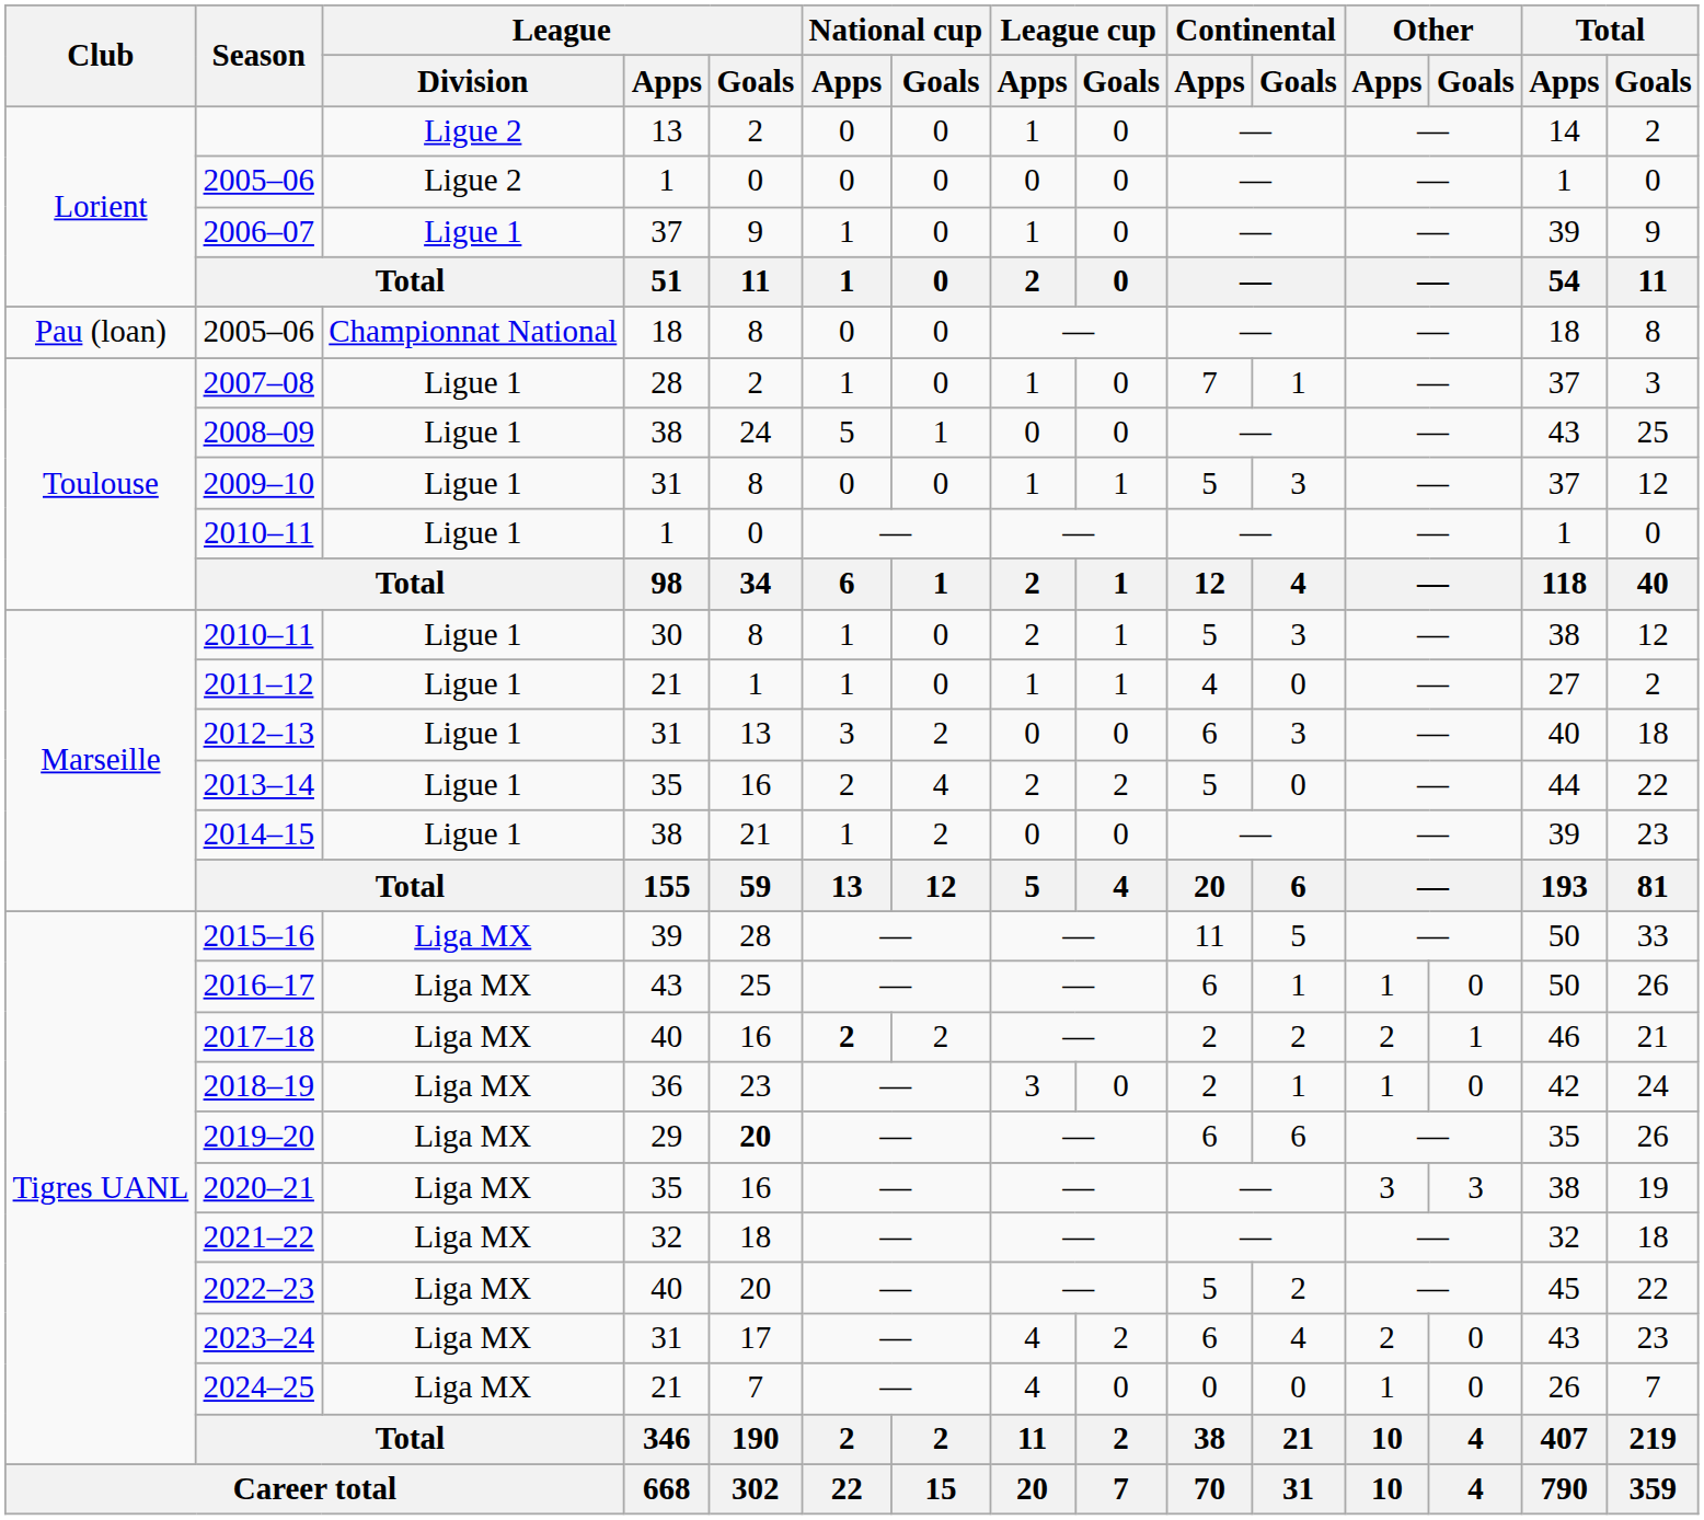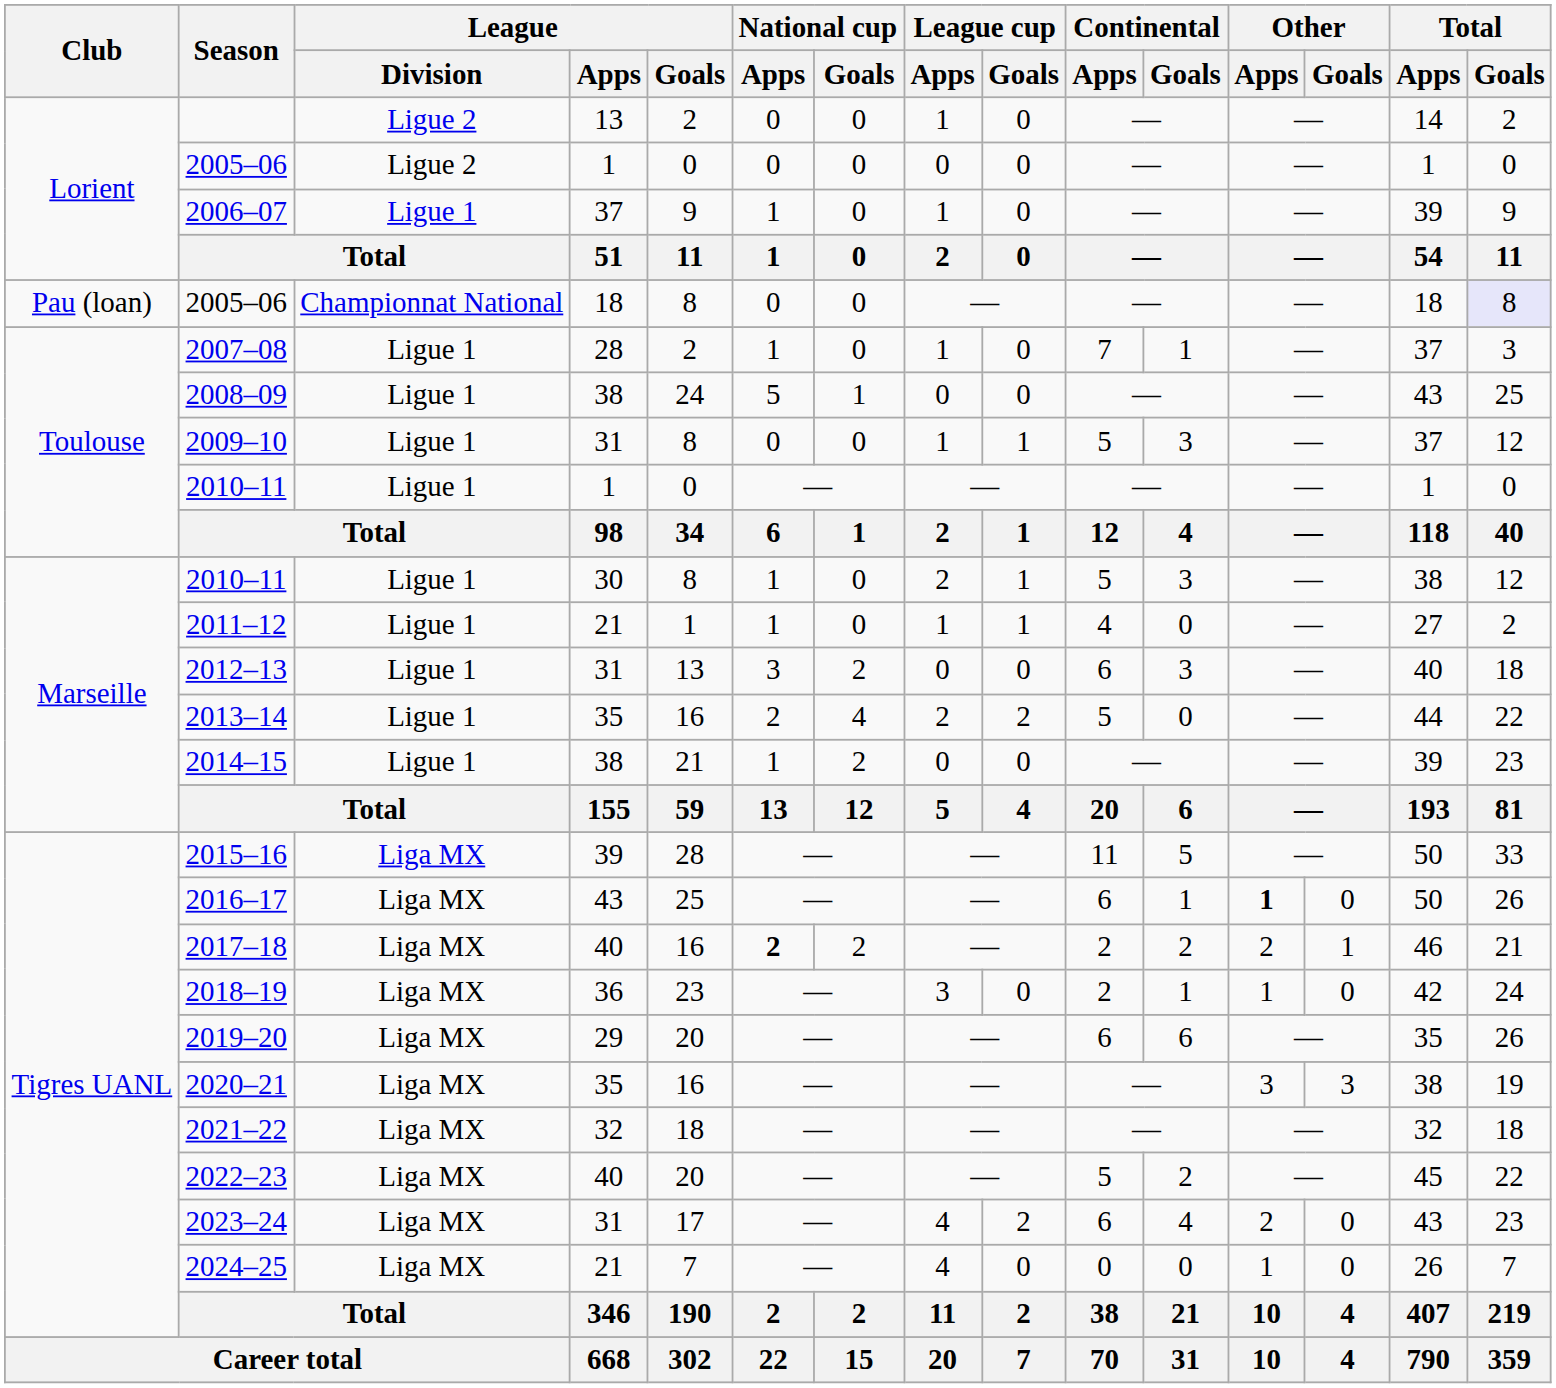 <table class="wikitable" style="text-align:center">
 <tr>
 <th rowspan="2">Club</th>
 <th rowspan="2">Season</th>
 <th colspan="3">League</th>
 <th colspan="2">National cup</th>
 <th colspan="2">League cup</th>
 <th colspan="2">Continental</th>
 <th colspan="2">Other</th>
 <th colspan="2">Total</th>
 </tr>
 <tr>
 <th>Division</th>
 <th>Apps</th>
 <th>Goals</th>
 <th>Apps</th>
 <th>Goals</th>
 <th>Apps</th>
 <th>Goals</th>
 <th>Apps</th>
 <th>Goals</th>
 <th>Apps</th>
 <th>Goals</th>
 <th>Apps</th>
 <th>Goals</th>
 </tr>
 <tr>
 <td rowspan="4"><a href='#'>Lorient</a></td>
 <td></td>
 <td><a href='#'>Ligue 2</a></td>
 <td>13</td>
 <td>2</td>
 <td>0</td>
 <td>0</td>
 <td>1</td>
 <td>0</td>
 <td colspan="2">—</td>
 <td colspan="2">—</td>
 <td>14</td>
 <td>2</td>
 </tr>
 <tr>
 <td><a href='#'>2005–06</a></td>
 <td>Ligue 2</td>
 <td>1</td>
 <td>0</td>
 <td>0</td>
 <td>0</td>
 <td>0</td>
 <td>0</td>
 <td colspan="2">—</td>
 <td colspan="2">—</td>
 <td>1</td>
 <td>0</td>
 </tr>
 <tr>
 <td><a href='#'>2006–07</a></td>
 <td><a href='#'>Ligue 1</a></td>
 <td>37</td>
 <td>9</td>
 <td>1</td>
 <td>0</td>
 <td>1</td>
 <td>0</td>
 <td colspan="2">—</td>
 <td colspan="2">—</td>
 <td>39</td>
 <td>9</td>
 </tr>
 <tr>
 <th colspan="2">Total</th>
 <th>51</th>
 <th>11</th>
 <th>1</th>
 <th>0</th>
 <th>2</th>
 <th>0</th>
 <th colspan="2">—</th>
 <th colspan="2">—</th>
 <th>54</th>
 <th>11</th>
 </tr>
 <tr>
 <td><a href='#'>Pau</a> (loan)</td>
 <td>2005–06</td>
 <td><a href='#'>Championnat National</a></td>
 <td>18</td>
 <td>8</td>
 <td>0</td>
 <td>0</td>
 <td colspan="2">—</td>
 <td colspan="2">—</td>
 <td colspan="2">—</td>
 <td>18</td>
-<td>8</td>
+<td style="background: lavender;">8</td>
 </tr>
 <tr>
 <td rowspan="5"><a href='#'>Toulouse</a></td>
 <td><a href='#'>2007–08</a></td>
 <td>Ligue 1</td>
 <td>28</td>
 <td>2</td>
 <td>1</td>
 <td>0</td>
 <td>1</td>
 <td>0</td>
 <td>7</td>
 <td>1</td>
 <td colspan="2">—</td>
 <td>37</td>
 <td>3</td>
 </tr>
 <tr>
 <td><a href='#'>2008–09</a></td>
 <td>Ligue 1</td>
 <td>38</td>
 <td>24</td>
 <td>5</td>
 <td>1</td>
 <td>0</td>
 <td>0</td>
 <td colspan="2">—</td>
 <td colspan="2">—</td>
 <td>43</td>
 <td>25</td>
 </tr>
 <tr>
 <td><a href='#'>2009–10</a></td>
 <td>Ligue 1</td>
 <td>31</td>
 <td>8</td>
 <td>0</td>
 <td>0</td>
 <td>1</td>
 <td>1</td>
 <td>5</td>
 <td>3</td>
 <td colspan="2">—</td>
 <td>37</td>
 <td>12</td>
 </tr>
 <tr>
 <td><a href='#'>2010–11</a></td>
 <td>Ligue 1</td>
 <td>1</td>
 <td>0</td>
 <td colspan="2">—</td>
 <td colspan="2">—</td>
 <td colspan="2">—</td>
 <td colspan="2">—</td>
 <td>1</td>
 <td>0</td>
 </tr>
 <tr>
 <th colspan="2">Total</th>
 <th>98</th>
 <th>34</th>
 <th>6</th>
 <th>1</th>
 <th>2</th>
 <th>1</th>
 <th>12</th>
 <th>4</th>
 <th colspan="2">—</th>
 <th>118</th>
 <th>40</th>
 </tr>
 <tr>
 <td rowspan="6" valign="center"><a href='#'>Marseille</a></td>
 <td><a href='#'>2010–11</a></td>
 <td>Ligue 1</td>
 <td>30</td>
 <td>8</td>
 <td>1</td>
 <td>0</td>
 <td>2</td>
 <td>1</td>
 <td>5</td>
 <td>3</td>
 <td colspan="2">—</td>
 <td>38</td>
 <td>12</td>
 </tr>
 <tr>
 <td><a href='#'>2011–12</a></td>
 <td>Ligue 1</td>
 <td>21</td>
 <td>1</td>
 <td>1</td>
 <td>0</td>
 <td>1</td>
 <td>1</td>
 <td>4</td>
 <td>0</td>
 <td colspan="2">—</td>
 <td>27</td>
 <td>2</td>
 </tr>
 <tr>
 <td><a href='#'>2012–13</a></td>
 <td>Ligue 1</td>
 <td>31</td>
 <td>13</td>
 <td>3</td>
 <td>2</td>
 <td>0</td>
 <td>0</td>
 <td>6</td>
 <td>3</td>
 <td colspan="2">—</td>
 <td>40</td>
 <td>18</td>
 </tr>
 <tr>
 <td><a href='#'>2013–14</a></td>
 <td>Ligue 1</td>
 <td>35</td>
 <td>16</td>
 <td>2</td>
 <td>4</td>
 <td>2</td>
 <td>2</td>
 <td>5</td>
 <td>0</td>
 <td colspan="2">—</td>
 <td>44</td>
 <td>22</td>
 </tr>
 <tr>
 <td><a href='#'>2014–15</a></td>
 <td>Ligue 1</td>
 <td>38</td>
 <td>21</td>
 <td>1</td>
 <td>2</td>
 <td>0</td>
 <td>0</td>
 <td colspan="2">—</td>
 <td colspan="2">—</td>
 <td>39</td>
 <td>23</td>
 </tr>
 <tr>
 <th colspan="2">Total</th>
 <th>155</th>
 <th>59</th>
 <th>13</th>
 <th>12</th>
 <th>5</th>
 <th>4</th>
 <th>20</th>
 <th>6</th>
 <th colspan="2">—</th>
 <th>193</th>
 <th>81</th>
 </tr>
 <tr>
 <td rowspan="11"><a href='#'>Tigres UANL</a></td>
 <td><a href='#'>2015–16</a></td>
 <td><a href='#'>Liga MX</a></td>
 <td>39</td>
 <td>28</td>
 <td colspan="2">—</td>
 <td colspan="2">—</td>
 <td>11</td>
 <td>5</td>
 <td colspan="2">—</td>
 <td>50</td>
 <td>33</td>
 </tr>
 <tr>
 <td><a href='#'>2016–17</a></td>
 <td>Liga MX</td>
 <td>43</td>
 <td>25</td>
 <td colspan="2">—</td>
 <td colspan="2">—</td>
 <td>6</td>
 <td>1</td>
-<td>1</td>
+<td><strong>1</strong></td>
 <td>0</td>
 <td>50</td>
 <td>26</td>
 </tr>
 <tr>
 <td><a href='#'>2017–18</a></td>
 <td>Liga MX</td>
 <td>40</td>
 <td>16</td>
 <td><strong>2</strong></td>
 <td>2</td>
 <td colspan="2">—</td>
 <td>2</td>
 <td>2</td>
 <td>2</td>
 <td>1</td>
 <td>46</td>
 <td>21</td>
 </tr>
 <tr>
 <td><a href='#'>2018–19</a></td>
 <td>Liga MX</td>
 <td>36</td>
 <td>23</td>
 <td colspan="2">—</td>
 <td>3</td>
 <td>0</td>
 <td>2</td>
 <td>1</td>
 <td>1</td>
 <td>0</td>
 <td>42</td>
 <td>24</td>
 </tr>
 <tr>
 <td><a href='#'>2019–20</a></td>
 <td>Liga MX</td>
 <td>29</td>
-<td><strong>20</strong></td>
+<td>20</td>
 <td colspan="2">—</td>
 <td colspan="2">—</td>
 <td>6</td>
 <td>6</td>
 <td colspan="2">—</td>
 <td>35</td>
 <td>26</td>
 </tr>
 <tr>
 <td><a href='#'>2020–21</a></td>
 <td>Liga MX</td>
 <td>35</td>
 <td>16</td>
 <td colspan="2">—</td>
 <td colspan="2">—</td>
 <td colspan="2">—</td>
 <td>3</td>
 <td>3</td>
 <td>38</td>
 <td>19</td>
 </tr>
 <tr>
 <td><a href='#'>2021–22</a></td>
 <td>Liga MX</td>
 <td>32</td>
 <td>18</td>
 <td colspan="2">—</td>
 <td colspan="2">—</td>
 <td colspan="2">—</td>
 <td colspan="2">—</td>
 <td>32</td>
 <td>18</td>
 </tr>
 <tr>
 <td><a href='#'>2022–23</a></td>
 <td>Liga MX</td>
 <td>40</td>
 <td>20</td>
 <td colspan="2">—</td>
 <td colspan="2">—</td>
 <td>5</td>
 <td>2</td>
 <td colspan="2">—</td>
 <td>45</td>
 <td>22</td>
 </tr>
 <tr>
 <td><a href='#'>2023–24</a></td>
 <td>Liga MX</td>
 <td>31</td>
 <td>17</td>
 <td colspan="2">—</td>
 <td>4</td>
 <td>2</td>
 <td>6</td>
 <td>4</td>
 <td>2</td>
 <td>0</td>
 <td>43</td>
 <td>23</td>
 </tr>
 <tr>
 <td><a href='#'>2024–25</a></td>
 <td>Liga MX</td>
 <td>21</td>
 <td>7</td>
 <td colspan="2">—</td>
 <td>4</td>
 <td>0</td>
 <td>0</td>
 <td>0</td>
 <td>1</td>
 <td>0</td>
 <td>26</td>
 <td>7</td>
 </tr>
 <tr>
 <th colspan="2">Total</th>
 <th>346</th>
 <th>190</th>
 <th>2</th>
 <th>2</th>
 <th>11</th>
 <th>2</th>
 <th>38</th>
 <th>21</th>
 <th>10</th>
 <th>4</th>
 <th>407</th>
 <th>219</th>
 </tr>
 <tr>
 <th colspan="3">Career total</th>
 <th>668</th>
 <th>302</th>
 <th>22</th>
 <th>15</th>
 <th>20</th>
 <th>7</th>
 <th>70</th>
 <th>31</th>
 <th>10</th>
 <th>4</th>
 <th>790</th>
 <th>359</th>
 </tr>
 </table>
